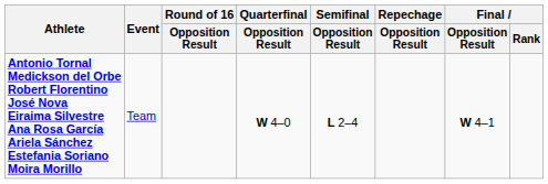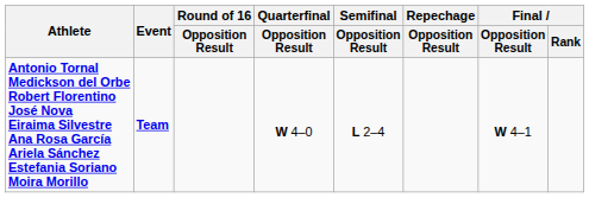 <table class=wikitable style=font-size:90%>
 <tr>
 <th rowspan=2>Athlete</th>
 <th rowspan=2>Event</th>
 <th>Round of 16</th>
 <th>Quarterfinal</th>
 <th>Semifinal</th>
 <th>Repechage</th>
 <th colspan=2>Final / </th>
 </tr>
 <tr style=font-size:95%>
 <th>Opposition<br>Result</th>
 <th>Opposition<br>Result</th>
 <th>Opposition<br>Result</th>
 <th>Opposition<br>Result</th>
 <th>Opposition<br>Result</th>
 <th>Rank</th>
 </tr>
 <tr align=center>
 <td align=left><strong><a href='#'>Antonio Tornal</a><br><a href='#'>Medickson del Orbe</a><br><a href='#'>Robert Florentino</a><br><a href='#'>José Nova</a><br><a href='#'>Eiraima Silvestre</a><br><a href='#'>Ana Rosa García</a><br><a href='#'>Ariela Sánchez</a><br><a href='#'>Estefania Soriano</a><br><a href='#'>Moira Morillo</a></strong></td>
-<td align=left><a href='#'>Team</a></td>
+<td align=left><strong><a href='#'>Team</a></strong></td>
 <td></td>
 <td><br><strong>W</strong> 4–0</td>
 <td><br><strong>L</strong> 2–4</td>
 <td></td>
 <td><br><strong>W</strong> 4–1</td>
 <td></td>
 </tr>
 </table>
